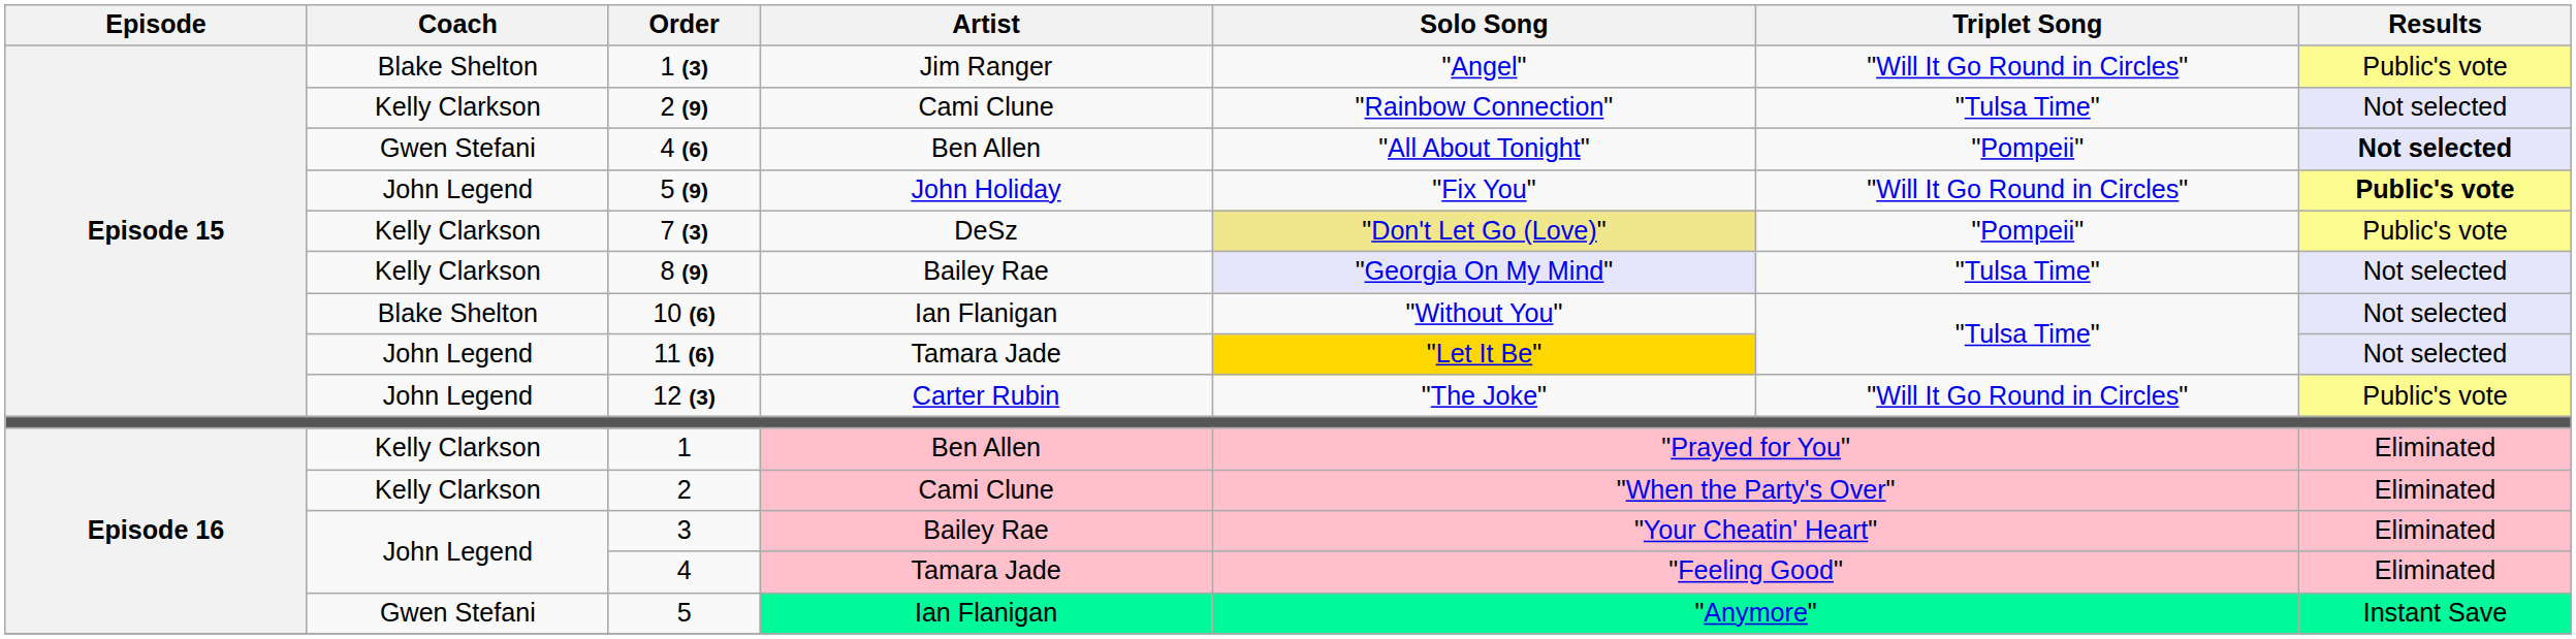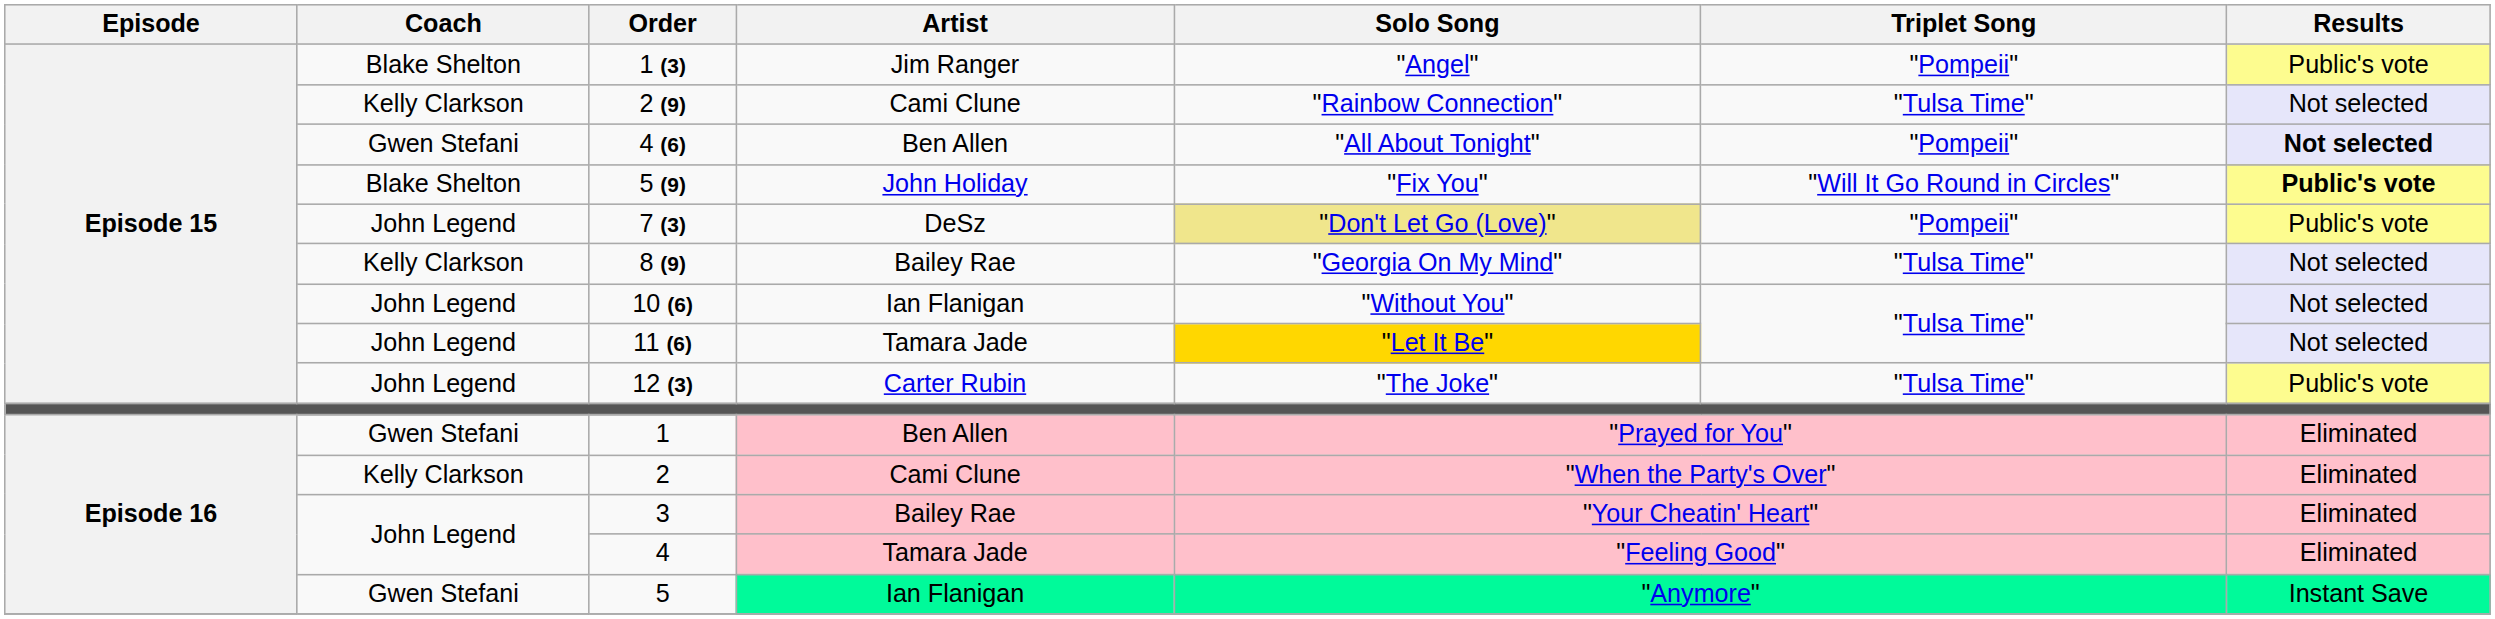 <table class="wikitable" style="text-align:center; width:100%;">
 <tr>
 <th style="width:10%;">Episode</th>
 <th style="width:10%;">Coach</th>
 <th style="width:05%;">Order</th>
 <th style="width:15%;">Artist</th>
 <th style="width:18%;">Solo Song</th>
 <th style="width:18%;">Triplet Song</th>
 <th style="width:09%;">Results</th>
 </tr>
 <tr>
 <th scope="row" rowspan="9">Episode 15<br></th>
 <td>Blake Shelton</td>
 <td>1 <small><strong>(3)</strong></small></td>
 <td>Jim Ranger</td>
 <td>"<a href='#'>Angel</a>"</td>
-<td>"<a href='#'>Will It Go Round in Circles</a>"</td>
+<td>"<a href='#'>Pompeii</a>"</td>
 <td style="background:#fdfc8f;">Public's vote</td>
 </tr>
 <tr>
 <td>Kelly Clarkson</td>
 <td>2 <small><strong>(9)</strong></small></td>
 <td>Cami Clune</td>
 <td>"<a href='#'>Rainbow Connection</a>"</td>
 <td>"<a href='#'>Tulsa Time</a>"</td>
 <td style="background:lavender">Not selected</td>
 </tr>
 <tr>
 <td>Gwen Stefani</td>
 <td>4 <small><strong>(6)</strong></small></td>
 <td>Ben Allen</td>
 <td>"<a href='#'>All About Tonight</a>"</td>
 <td>"<a href='#'>Pompeii</a>"</td>
 <td style="background:lavender"><strong>Not selected</strong></td>
 </tr>
 <tr>
-<td>John Legend</td>
+<td>Blake Shelton</td>
 <td>5 <small><strong>(9)</strong></small></td>
 <td><a href='#'>John Holiday</a></td>
 <td>"<a href='#'>Fix You</a>"</td>
 <td>"<a href='#'>Will It Go Round in Circles</a>"</td>
 <td style="background:#fdfc8f;"><strong>Public's vote</strong></td>
 </tr>
 <tr>
-<td>Kelly Clarkson</td>
+<td>John Legend</td>
 <td>7 <small><strong>(3)</strong></small></td>
 <td>DeSz</td>
 <td style="background: khaki;">"<a href='#'>Don't Let Go (Love)</a>"</td>
 <td>"<a href='#'>Pompeii</a>"</td>
 <td style="background:#fdfc8f;">Public's vote</td>
 </tr>
 <tr>
 <td>Kelly Clarkson</td>
 <td>8 <small><strong>(9)</strong></small></td>
 <td>Bailey Rae</td>
-<td style="background: lavender;">"<a href='#'>Georgia On My Mind</a>"</td>
+<td>"<a href='#'>Georgia On My Mind</a>"</td>
 <td>"<a href='#'>Tulsa Time</a>"</td>
 <td style="background:lavender">Not selected</td>
 </tr>
 <tr>
-<td>Blake Shelton</td>
+<td>John Legend</td>
 <td>10 <small><strong>(6)</strong></small></td>
 <td>Ian Flanigan</td>
 <td>"<a href='#'>Without You</a>"</td>
 <td rowspan="2">"<a href='#'>Tulsa Time</a>"</td>
 <td style="background:lavender">Not selected</td>
 </tr>
 <tr>
 <td>John Legend</td>
 <td>11 <small><strong>(6)</strong></small></td>
 <td>Tamara Jade</td>
 <td style="background: gold;">"<a href='#'>Let It Be</a>"</td>
 <td style="background:lavender">Not selected</td>
 </tr>
 <tr>
 <td>John Legend</td>
 <td>12 <small><strong>(3)</strong></small></td>
 <td><a href='#'>Carter Rubin</a></td>
 <td>"<a href='#'>The Joke</a>"</td>
-<td>"<a href='#'>Will It Go Round in Circles</a>"</td>
+<td>"<a href='#'>Tulsa Time</a>"</td>
 <td style="background:#fdfc8f;">Public's vote</td>
 </tr>
 <tr>
 <td colspan="7" style="background:#555;"></td>
 </tr>
 <tr>
 <th scope="row" rowspan="5">Episode 16 <br></th>
-<td>Kelly Clarkson</td>
+<td>Gwen Stefani</td>
 <td>1</td>
 <td style="background:pink;">Ben Allen</td>
 <td style="background:pink;" colspan="2">"<a href='#'>Prayed for You</a>"</td>
 <td style="background:pink;">Eliminated</td>
 </tr>
 <tr>
 <td>Kelly Clarkson</td>
 <td>2</td>
 <td style="background:pink;">Cami Clune</td>
 <td style="background:pink;" colspan="2">"<a href='#'>When the Party's Over</a>"</td>
 <td style="background:pink;">Eliminated</td>
 </tr>
 <tr>
 <td rowspan=2>John Legend</td>
 <td>3</td>
 <td style="background:pink;">Bailey Rae</td>
 <td style="background:pink;" colspan="2">"<a href='#'>Your Cheatin' Heart</a>"</td>
 <td style="background:pink;">Eliminated</td>
 </tr>
 <tr>
 <td>4</td>
 <td style="background:pink;">Tamara Jade</td>
 <td style="background:pink;" colspan="2">"<a href='#'>Feeling Good</a>"</td>
 <td style="background:pink;">Eliminated</td>
 </tr>
 <tr>
 <td>Gwen Stefani</td>
 <td>5</td>
 <td style="background:#00fa9a;">Ian Flanigan</td>
 <td style="background:#00fa9a;" colspan="2">"<a href='#'>Anymore</a>"</td>
 <td style="background:#00fa9a;">Instant Save</td>
 </tr>
 <tr>
 </tr>
 </table>
